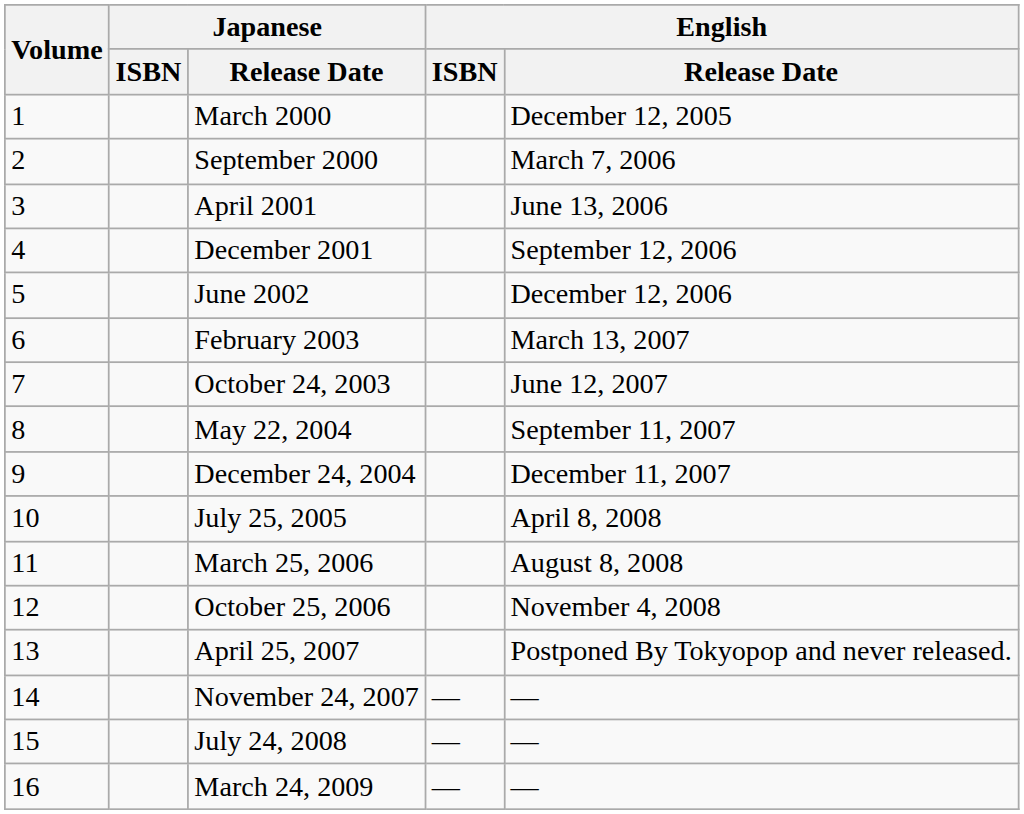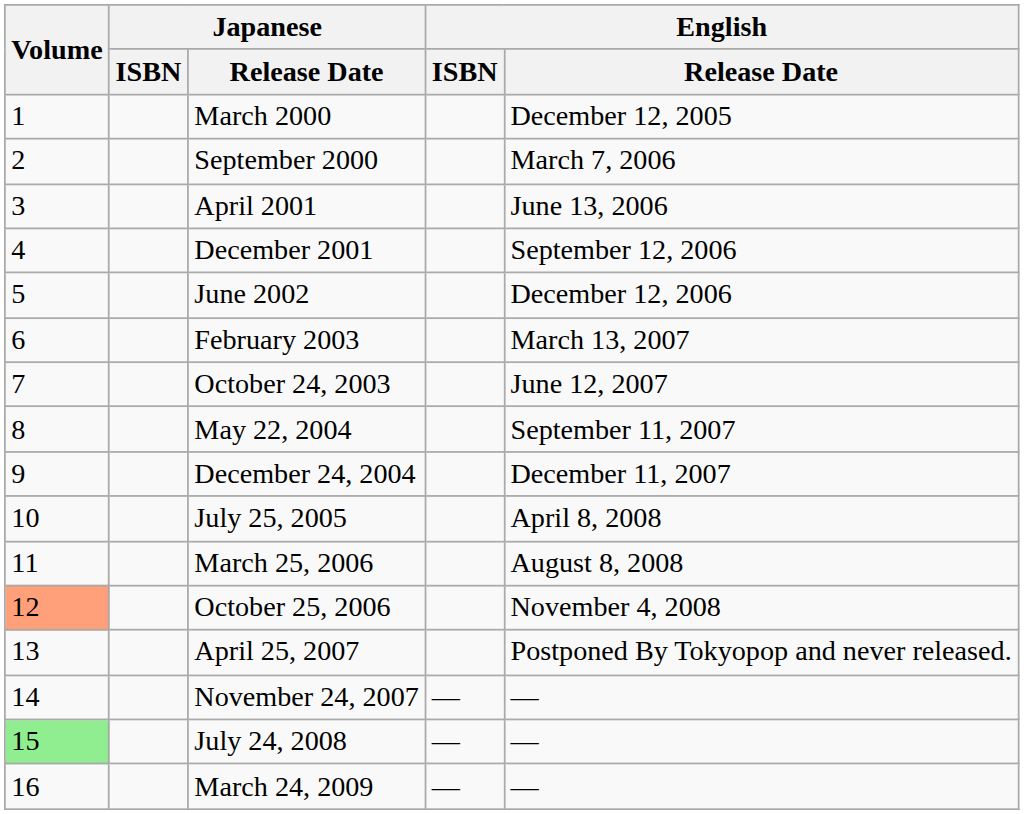 <table class="wikitable">
 <tr>
 <th rowspan="2">Volume</th>
 <th colspan="2">Japanese</th>
 <th colspan="2">English</th>
 </tr>
 <tr>
 <th>ISBN</th>
 <th>Release Date</th>
 <th>ISBN</th>
 <th>Release Date</th>
 </tr>
 <tr>
 <td>1</td>
 <td></td>
 <td>March 2000</td>
 <td></td>
 <td>December 12, 2005</td>
 </tr>
 <tr>
 <td>2</td>
 <td></td>
 <td>September 2000</td>
 <td></td>
 <td>March 7, 2006</td>
 </tr>
 <tr>
 <td>3</td>
 <td></td>
 <td>April 2001</td>
 <td></td>
 <td>June 13, 2006</td>
 </tr>
 <tr>
 <td>4</td>
 <td></td>
 <td>December 2001</td>
 <td></td>
 <td>September 12, 2006</td>
 </tr>
 <tr>
 <td>5</td>
 <td></td>
 <td>June 2002</td>
 <td></td>
 <td>December 12, 2006</td>
 </tr>
 <tr>
 <td>6</td>
 <td></td>
 <td>February 2003</td>
 <td></td>
 <td>March 13, 2007</td>
 </tr>
 <tr>
 <td>7</td>
 <td></td>
 <td>October 24, 2003</td>
 <td></td>
 <td>June 12, 2007</td>
 </tr>
 <tr>
 <td>8</td>
 <td></td>
 <td>May 22, 2004</td>
 <td></td>
 <td>September 11, 2007</td>
 </tr>
 <tr>
 <td>9</td>
 <td></td>
 <td>December 24, 2004</td>
 <td></td>
 <td>December 11, 2007</td>
 </tr>
 <tr>
 <td>10</td>
 <td></td>
 <td>July 25, 2005</td>
 <td></td>
 <td>April 8, 2008</td>
 </tr>
 <tr>
 <td>11</td>
 <td></td>
 <td>March 25, 2006</td>
 <td></td>
 <td>August 8, 2008</td>
 </tr>
 <tr>
-<td>12</td>
+<td style="background: lightsalmon;">12</td>
 <td></td>
 <td>October 25, 2006</td>
 <td></td>
 <td>November 4, 2008</td>
 </tr>
 <tr>
 <td>13</td>
 <td></td>
 <td>April 25, 2007</td>
 <td></td>
 <td>Postponed By Tokyopop and never released.</td>
 </tr>
 <tr>
 <td>14</td>
 <td></td>
 <td>November 24, 2007</td>
 <td>—</td>
 <td>—</td>
 </tr>
 <tr>
-<td>15</td>
+<td style="background: lightgreen;">15</td>
 <td></td>
 <td>July 24, 2008</td>
 <td>—</td>
 <td>—</td>
 </tr>
 <tr>
 <td>16</td>
 <td></td>
 <td>March 24, 2009</td>
 <td>—</td>
 <td>—</td>
 </tr>
 </table>
